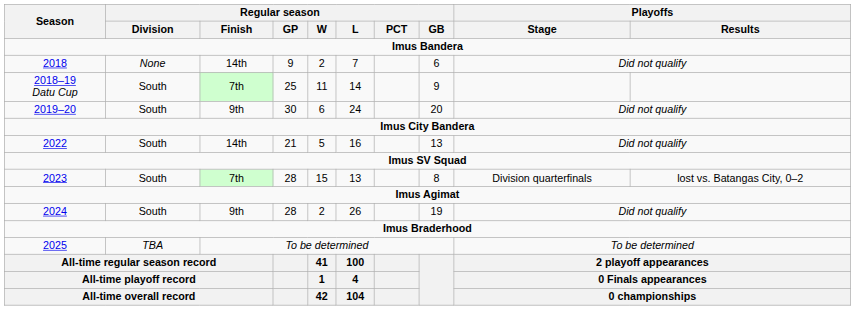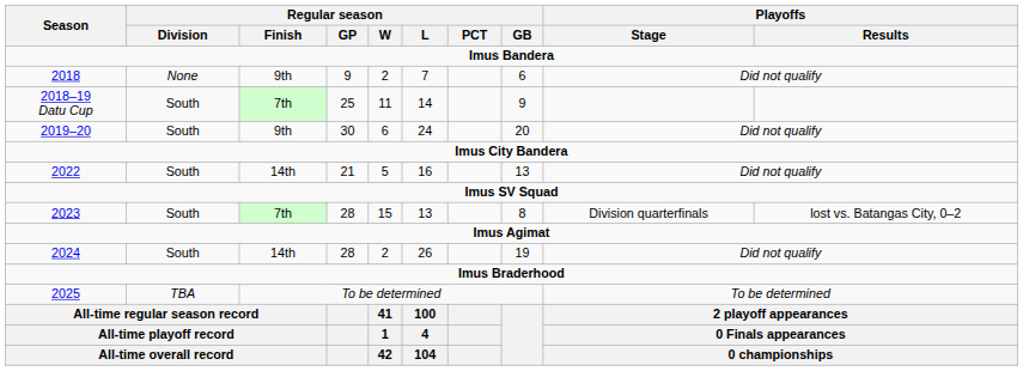 <table class=wikitable style="width:100%; text-align:center">
 <tr>
 <th rowspan="2">Season</th>
 <th colspan="7">Regular season</th>
 <th colspan="2">Playoffs</th>
 </tr>
 <tr>
 <th>Division</th>
 <th>Finish</th>
 <th>GP</th>
 <th>W</th>
 <th>L</th>
 <th>PCT</th>
 <th>GB</th>
 <th>Stage</th>
 <th>Results</th>
 </tr>
 <tr>
 <td colspan=10><span><strong>Imus Bandera</strong></span></td>
 </tr>
 <tr>
 <td><a href='#'>2018</a> <br> <em></em></td>
 <td><em>None</em></td>
-<td>14th</td>
+<td>9th</td>
 <td>9</td>
 <td>2</td>
 <td>7</td>
 <td></td>
 <td>6</td>
 <td colspan=2><em>Did not qualify</em></td>
 </tr>
 <tr>
 <td><a href='#'>2018–19</a> <br> <em>Datu Cup</em></td>
 <td>South</td>
 <td bgcolor="#CFFFCF">7th</td>
 <td>25</td>
 <td>11</td>
 <td>14</td>
 <td></td>
 <td>9</td>
 <td></td>
 <td></td>
 </tr>
 <tr>
 <td><a href='#'>2019–20</a> <br> </td>
 <td>South</td>
 <td>9th</td>
 <td>30</td>
 <td>6</td>
 <td>24</td>
 <td></td>
 <td>20</td>
 <td colspan=2><em>Did not qualify</em></td>
 </tr>
 <tr>
 <td colspan=10><span><strong>Imus City Bandera</strong></span></td>
 </tr>
 <tr>
 <td><a href='#'>2022</a></td>
 <td>South</td>
 <td>14th</td>
 <td>21</td>
 <td>5</td>
 <td>16</td>
 <td></td>
 <td>13</td>
 <td colspan="2"><em>Did not qualify</em></td>
 </tr>
 <tr>
 <td colspan=10><span><strong>Imus SV Squad</strong></span></td>
 </tr>
 <tr>
 <td><a href='#'>2023</a></td>
 <td>South</td>
 <td bgcolor="#CFFFCF">7th</td>
 <td>28</td>
 <td>15</td>
 <td>13</td>
 <td></td>
 <td>8</td>
 <td>Division quarterfinals</td>
 <td>lost vs. Batangas City, 0–2</td>
 </tr>
 <tr>
 <td colspan=10><span><strong>Imus Agimat</strong></span></td>
 </tr>
 <tr>
 <td><a href='#'>2024</a></td>
 <td>South</td>
-<td>9th</td>
+<td>14th</td>
 <td>28</td>
 <td>2</td>
 <td>26</td>
 <td></td>
 <td>19</td>
 <td colspan="2"><em>Did not qualify</em></td>
 </tr>
 <tr>
 <td colspan=10><span><strong>Imus Braderhood</strong></span></td>
 </tr>
 <tr>
 <td><a href='#'>2025</a></td>
 <td><em>TBA</em></td>
 <td colspan=6><em>To be determined</em></td>
 <td colspan=2><em>To be determined</em></td>
 </tr>
 <tr>
 <th colspan="3">All-time regular season record</th>
 <th></th>
 <th>41</th>
 <th>100</th>
 <th></th>
 <th rowspan="3"></th>
 <th colspan="2">2 playoff appearances</th>
 </tr>
 <tr>
 <th colspan="3">All-time playoff record</th>
 <th></th>
 <th>1</th>
 <th>4</th>
 <th></th>
 <th colspan=2>0 Finals appearances</th>
 </tr>
 <tr>
 <th colspan="3">All-time overall record</th>
 <th></th>
 <th>42</th>
 <th>104</th>
 <th></th>
 <th colspan="2">0 championships</th>
 </tr>
 </table>
